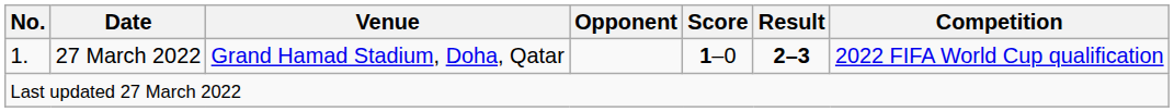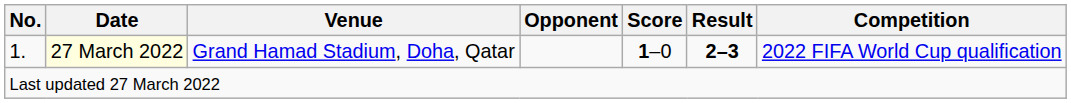 <table class="wikitable" style="font-size:85%;">
 <tr>
 <th>No.</th>
 <th>Date</th>
 <th>Venue</th>
 <th>Opponent</th>
 <th>Score</th>
 <th>Result</th>
 <th>Competition</th>
 </tr>
 <tr>
 <td>1.</td>
-<td>27 March 2022</td>
+<td style="background: lightyellow;">27 March 2022</td>
 <td><a href='#'>Grand Hamad Stadium</a>, <a href='#'>Doha</a>, Qatar</td>
 <td></td>
 <td align=center><strong>1</strong>–0</td>
 <td align=center><strong>2–3</strong></td>
 <td><a href='#'>2022 FIFA World Cup qualification</a></td>
 </tr>
 <tr>
 <td colspan="7"><small>Last updated 27 March 2022</small></td>
 </tr>
 </table>
